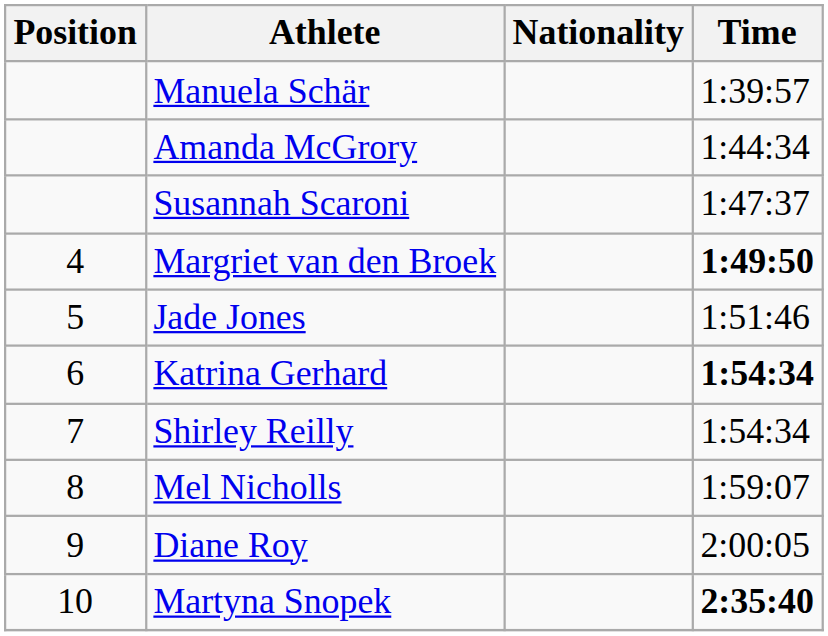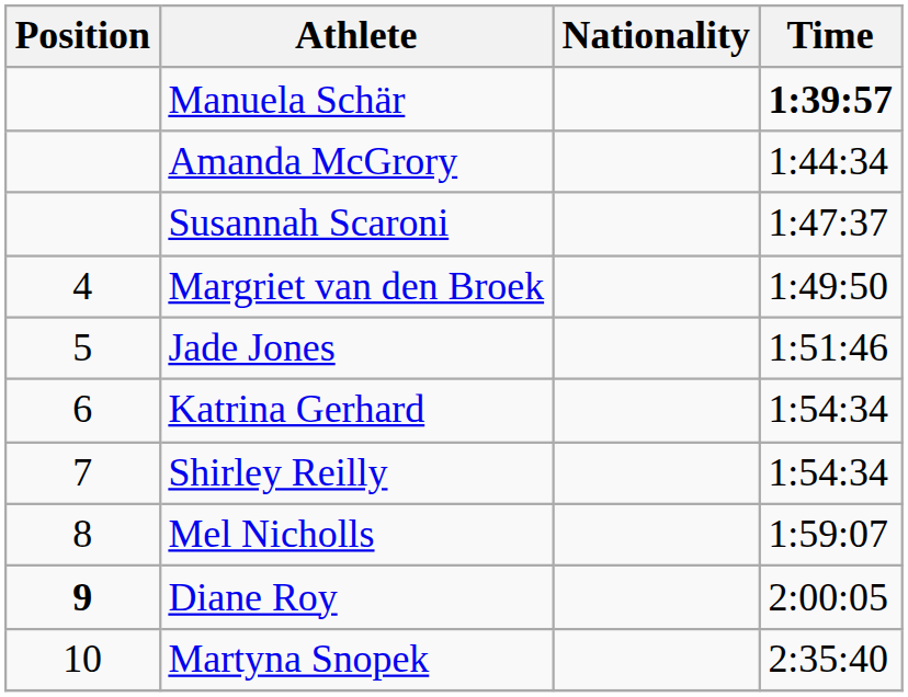 <table class="wikitable sortable">
 <tr>
 <th>Position</th>
 <th>Athlete</th>
 <th>Nationality</th>
 <th>Time</th>
 </tr>
 <tr>
 <td align=center></td>
 <td><a href='#'>Manuela Schär</a></td>
 <td></td>
-<td>1:39:57</td>
+<td><strong>1:39:57</strong></td>
 </tr>
 <tr>
 <td align=center></td>
 <td><a href='#'>Amanda McGrory</a></td>
 <td></td>
 <td>1:44:34</td>
 </tr>
 <tr>
 <td align=center></td>
 <td><a href='#'>Susannah Scaroni</a></td>
 <td></td>
 <td>1:47:37</td>
 </tr>
 <tr>
 <td align=center>4</td>
 <td><a href='#'>Margriet van den Broek</a></td>
 <td></td>
-<td><strong>1:49:50</strong></td>
+<td>1:49:50</td>
 </tr>
 <tr>
 <td align=center>5</td>
 <td><a href='#'>Jade Jones</a></td>
 <td></td>
 <td>1:51:46</td>
 </tr>
 <tr>
 <td align=center>6</td>
 <td><a href='#'>Katrina Gerhard</a></td>
 <td></td>
-<td><strong>1:54:34</strong></td>
+<td>1:54:34</td>
 </tr>
 <tr>
 <td align=center>7</td>
 <td><a href='#'>Shirley Reilly</a></td>
 <td></td>
 <td>1:54:34</td>
 </tr>
 <tr>
 <td align=center>8</td>
 <td><a href='#'>Mel Nicholls</a></td>
 <td></td>
 <td>1:59:07</td>
 </tr>
 <tr>
-<td align=center>9</td>
+<td align=center><strong>9</strong></td>
 <td><a href='#'>Diane Roy</a></td>
 <td></td>
 <td>2:00:05</td>
 </tr>
 <tr>
 <td align=center>10</td>
 <td><a href='#'>Martyna Snopek</a></td>
 <td></td>
-<td><strong>2:35:40</strong></td>
+<td>2:35:40</td>
 </tr>
 <tr>
 </tr>
 </table>
